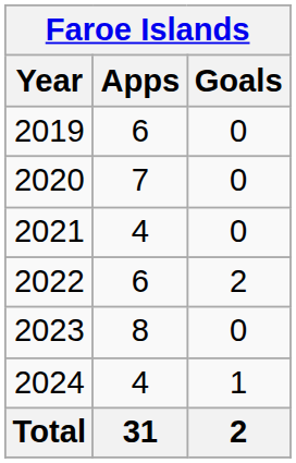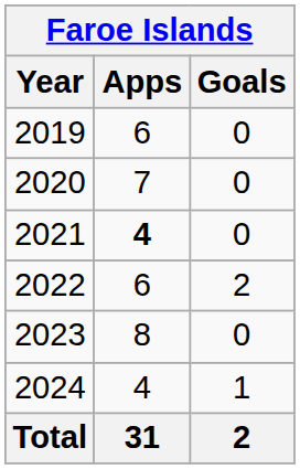 <table class="wikitable" style="text-align:center">
 <tr>
 <th colspan=3><a href='#'>Faroe Islands</a></th>
 </tr>
 <tr>
 <th>Year</th>
 <th>Apps</th>
 <th>Goals</th>
 </tr>
 <tr>
 <td>2019</td>
 <td>6</td>
 <td>0</td>
 </tr>
 <tr>
 <td>2020</td>
 <td>7</td>
 <td>0</td>
 </tr>
 <tr>
 <td>2021</td>
-<td>4</td>
+<td><strong>4</strong></td>
 <td>0</td>
 </tr>
 <tr>
 <td>2022</td>
 <td>6</td>
 <td>2</td>
 </tr>
 <tr>
 <td>2023</td>
 <td>8</td>
 <td>0</td>
 </tr>
 <tr>
 <td>2024</td>
 <td>4</td>
 <td>1</td>
 </tr>
 <tr>
 <th>Total</th>
 <th>31</th>
 <th>2</th>
 </tr>
 </table>
